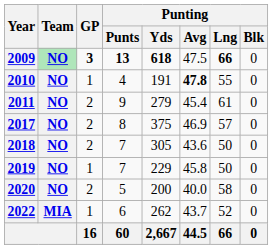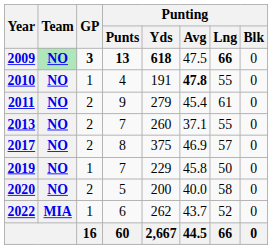 <table class="wikitable" style="text-align:center;">
 <tr>
 <th rowspan="2">Year</th>
 <th rowspan="2">Team</th>
 <th rowspan="2">GP</th>
 <th colspan="5">Punting</th>
 </tr>
 <tr>
 <th>Punts</th>
 <th>Yds</th>
 <th>Avg</th>
 <th>Lng</th>
 <th>Blk</th>
 </tr>
 <tr>
 <th><a href='#'>2009</a></th>
 <th style="background:#afe6ba;"><a href='#'>NO</a></th>
 <td><strong>3</strong></td>
 <td><strong>13</strong></td>
 <td><strong>618</strong></td>
 <td>47.5</td>
 <td><strong>66</strong></td>
 <td>0</td>
 </tr>
 <tr>
 <th><a href='#'>2010</a></th>
 <th><a href='#'>NO</a></th>
 <td>1</td>
 <td>4</td>
 <td>191</td>
 <td><strong>47.8</strong></td>
 <td>55</td>
 <td>0</td>
 </tr>
 <tr>
 <th><a href='#'>2011</a></th>
 <th><a href='#'>NO</a></th>
 <td>2</td>
 <td>9</td>
 <td>279</td>
 <td>45.4</td>
 <td>61</td>
 <td>0</td>
 </tr>
 <tr>
+<th><a href='#'>2013</a></th>
+<th><a href='#'>NO</a></th>
+<td>2</td>
+<td>7</td>
+<td>260</td>
+<td>37.1</td>
+<td>55</td>
+<td>0</td>
+</tr>
+<tr>
 <th><a href='#'>2017</a></th>
 <th><a href='#'>NO</a></th>
 <td>2</td>
 <td>8</td>
 <td>375</td>
 <td>46.9</td>
 <td>57</td>
-<td>0</td>
-</tr>
-<tr>
-<th><a href='#'>2018</a></th>
-<th><a href='#'>NO</a></th>
-<td>2</td>
-<td>7</td>
-<td>305</td>
-<td>43.6</td>
-<td>50</td>
 <td>0</td>
 </tr>
 <tr>
 <th><a href='#'>2019</a></th>
 <th><a href='#'>NO</a></th>
 <td>1</td>
 <td>7</td>
 <td>229</td>
 <td>45.8</td>
 <td>50</td>
 <td>0</td>
 </tr>
 <tr>
 <th><a href='#'>2020</a></th>
 <th><a href='#'>NO</a></th>
 <td>2</td>
 <td>5</td>
 <td>200</td>
 <td>40.0</td>
 <td>58</td>
 <td>0</td>
 </tr>
 <tr>
 <th><a href='#'>2022</a></th>
 <th><a href='#'>MIA</a></th>
 <td>1</td>
 <td>6</td>
 <td>262</td>
 <td>43.7</td>
 <td>52</td>
 <td>0</td>
 </tr>
 <tr>
 <th colspan="2"></th>
 <th>16</th>
 <th>60</th>
 <th>2,667</th>
 <th>44.5</th>
 <th>66</th>
 <th>0</th>
 </tr>
 </table>
